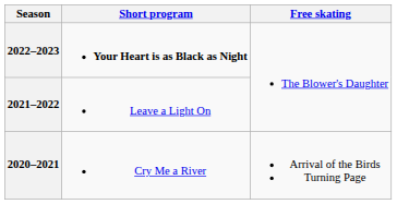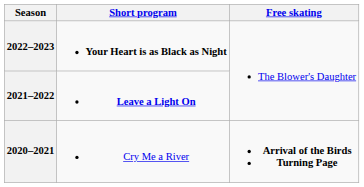 <table class=wikitable style=text-align:center>
 <tr>
 <th>Season</th>
 <th><a href='#'>Short program</a></th>
 <th><a href='#'>Free skating</a></th>
 </tr>
 <tr>
 <th>2022–2023 <br> </th>
 <td><strong><br><ul><li>Your Heart is as Black as Night <br> </li></ul></strong></td>
 <td rowspan=2><br><ul><li><a href='#'>The Blower's Daughter</a> <br></li></ul></td>
 </tr>
 <tr>
 <th>2021–2022 <br> </th>
-<td><br><ul><li><a href='#'>Leave a Light On</a> <br></li></ul></td>
+<td><strong><br><ul><li><a href='#'>Leave a Light On</a> <br></li></ul></strong></td>
 </tr>
 <tr>
 <th>2020–2021 <br> </th>
 <td><br><ul><li><a href='#'>Cry Me a River</a> <br></li></ul></td>
-<td><br><ul><li>Arrival of the Birds <br></li><li>Turning Page <br></li></ul></td>
+<td><strong><br><ul><li>Arrival of the Birds <br></li><li>Turning Page <br></li></ul></strong></td>
 </tr>
 </table>
